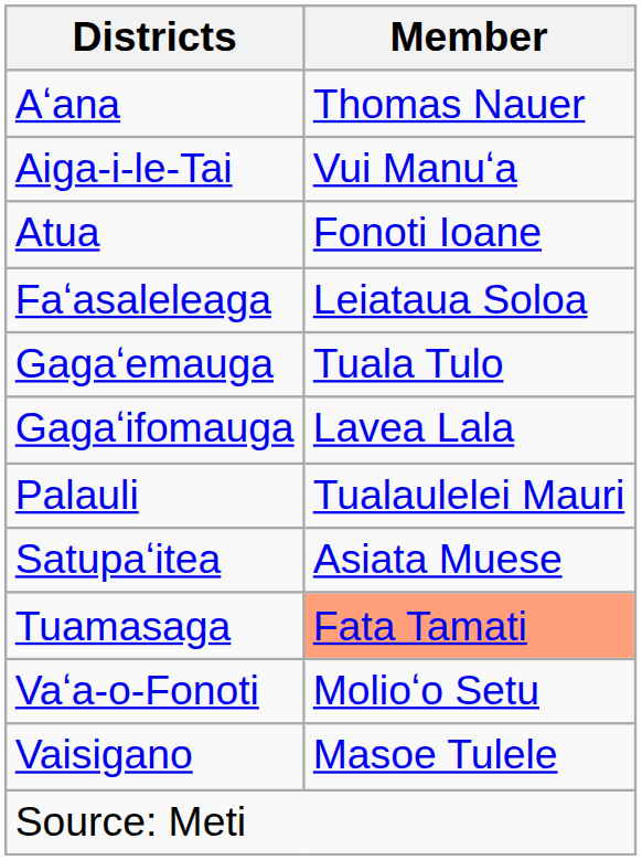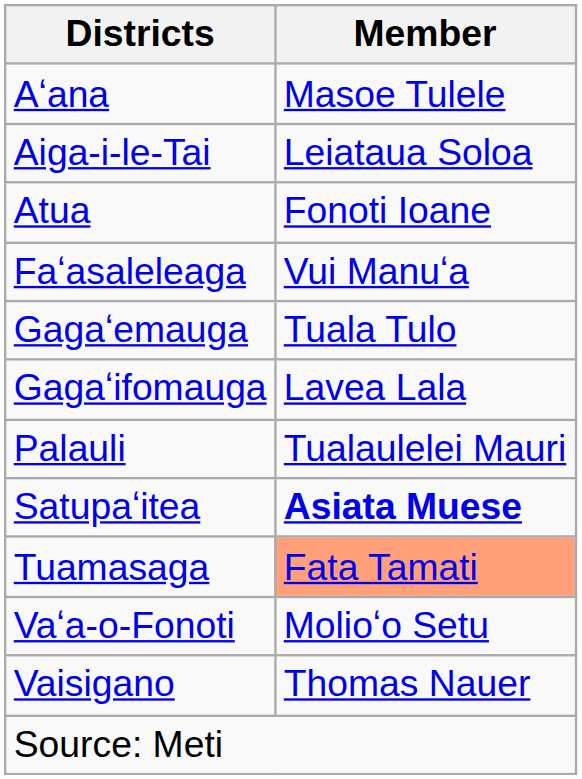 <table class=wikitable>
 <tr>
 <th>Districts</th>
 <th>Member</th>
 </tr>
 <tr>
 <td><a href='#'>Aʻana</a></td>
-<td><a href='#'>Thomas Nauer</a></td>
+<td><a href='#'>Masoe Tulele</a></td>
 </tr>
 <tr>
 <td><a href='#'>Aiga-i-le-Tai</a></td>
-<td><a href='#'>Vui Manuʻa</a></td>
+<td><a href='#'>Leiataua Soloa</a></td>
 </tr>
 <tr>
 <td><a href='#'>Atua</a></td>
 <td><a href='#'>Fonoti Ioane</a></td>
 </tr>
 <tr>
 <td><a href='#'>Faʻasaleleaga</a></td>
-<td><a href='#'>Leiataua Soloa</a></td>
+<td><a href='#'>Vui Manuʻa</a></td>
 </tr>
 <tr>
 <td><a href='#'>Gagaʻemauga</a></td>
 <td><a href='#'>Tuala Tulo</a></td>
 </tr>
 <tr>
 <td><a href='#'>Gagaʻifomauga</a></td>
 <td><a href='#'>Lavea Lala</a></td>
 </tr>
 <tr>
 <td><a href='#'>Palauli</a></td>
 <td><a href='#'>Tualaulelei Mauri</a></td>
 </tr>
 <tr>
 <td><a href='#'>Satupaʻitea</a></td>
-<td><a href='#'>Asiata Muese</a></td>
+<td><strong><a href='#'>Asiata Muese</a></strong></td>
 </tr>
 <tr>
 <td><a href='#'>Tuamasaga</a></td>
 <td style="background: lightsalmon;"><a href='#'>Fata Tamati</a></td>
 </tr>
 <tr>
 <td><a href='#'>Vaʻa-o-Fonoti</a></td>
 <td><a href='#'>Molioʻo Setu</a></td>
 </tr>
 <tr>
 <td><a href='#'>Vaisigano</a></td>
-<td><a href='#'>Masoe Tulele</a></td>
+<td><a href='#'>Thomas Nauer</a></td>
 </tr>
 <tr>
 <td align=left colspan=3>Source: Meti</td>
 </tr>
 </table>
